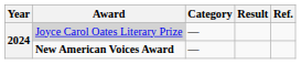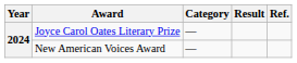 <table class="wikitable sortable">
 <tr>
 <th>Year</th>
 <th>Award</th>
 <th>Category</th>
 <th>Result</th>
 <th>Ref.</th>
 </tr>
 <tr>
 <th rowspan="2">2024</th>
-<td style="background: lightgrey;"><a href='#'>Joyce Carol Oates Literary Prize</a></td>
+<td><a href='#'>Joyce Carol Oates Literary Prize</a></td>
 <td>—</td>
 <td></td>
 <td></td>
 </tr>
 <tr>
-<td><strong>New American Voices Award</strong></td>
+<td>New American Voices Award</td>
 <td>—</td>
 <td></td>
 <td></td>
 </tr>
 </table>
